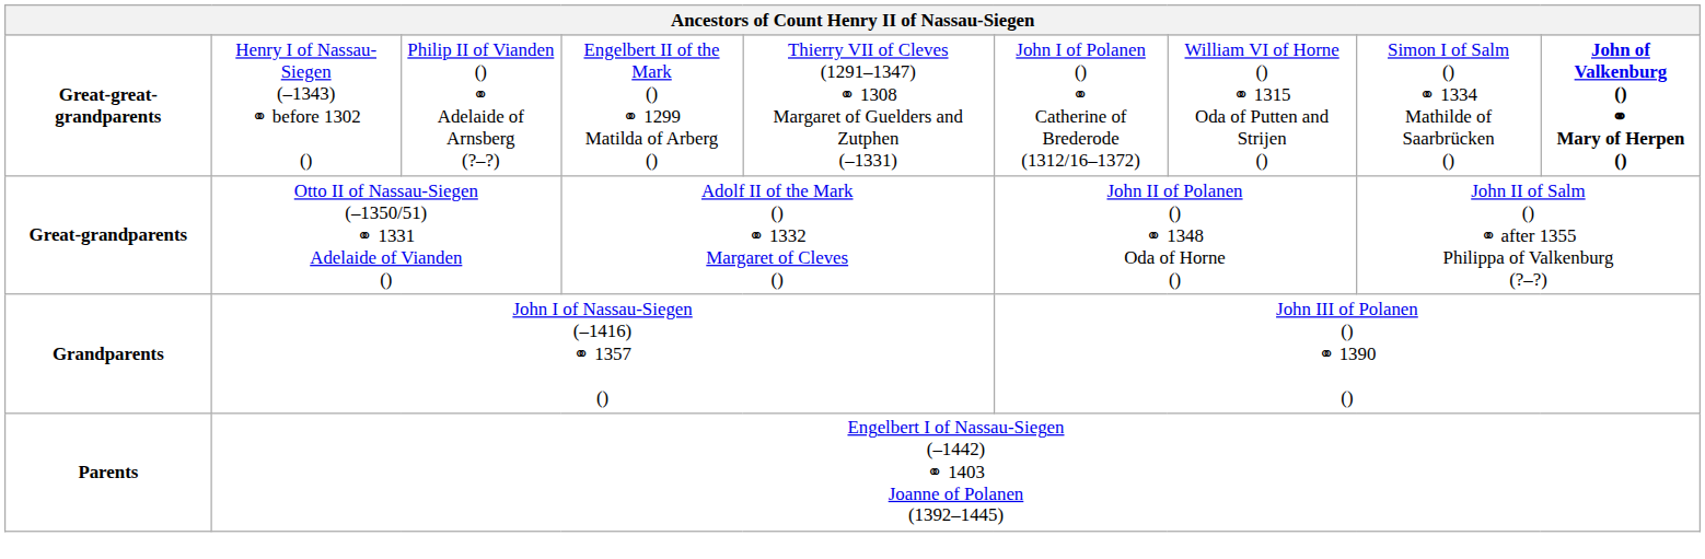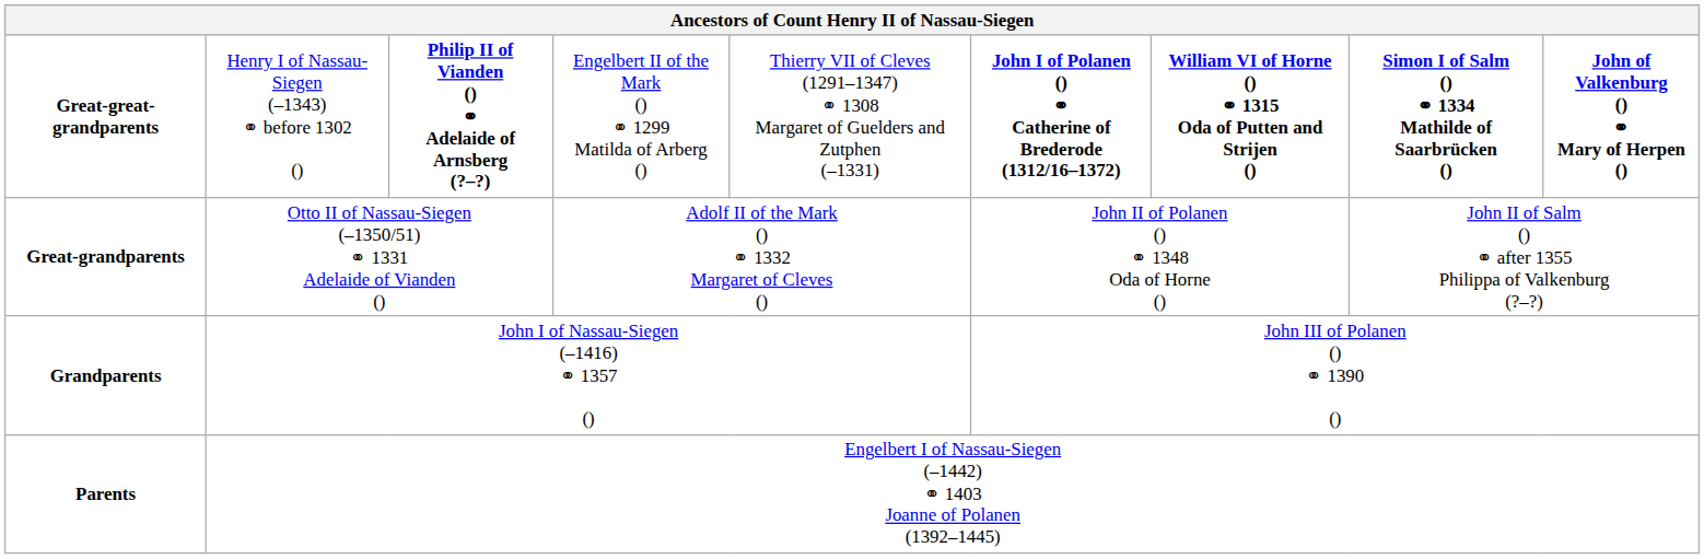 <table class="wikitable" style="background:#FFFFFF; font-size:85%; text-align:center">
 <tr bgcolor="#E0E0E0">
 <th colspan="9">Ancestors of Count Henry II of Nassau-Siegen</th>
 </tr>
 <tr>
 <td><strong>Great-great-grandparents</strong></td>
 <td colspan="1"><a href='#'>Henry I of Nassau-Siegen</a><br>(–1343)<br>⚭ before 1302<br><br>()</td>
-<td colspan="1"><a href='#'>Philip II of Vianden</a><br>()<br>⚭<br>Adelaide of Arnsberg<br>(?–?)</td>
+<td colspan="1"><strong><a href='#'>Philip II of Vianden</a><br>()<br>⚭<br>Adelaide of Arnsberg<br>(?–?)</strong></td>
 <td colspan="1"><a href='#'>Engelbert&nbsp;II of the Mark</a><br>()<br>⚭ 1299<br>Matilda of Arberg<br>()</td>
 <td colspan="1"><a href='#'>Thierry VII of Cleves</a><br>(1291–1347)<br>⚭ 1308<br>Margaret of Guelders and Zutphen<br>(–1331)</td>
-<td colspan="1"><a href='#'>John I of Polanen</a><br>()<br>⚭<br>Catherine of Brederode<br>(1312/16–1372)</td>
-<td colspan="1"><a href='#'>William VI of Horne</a><br>()<br>⚭ 1315<br>Oda of Putten and Strijen<br>()</td>
-<td colspan="1"><a href='#'>Simon I of Salm</a><br>()<br>⚭ 1334<br>Mathilde of Saarbrücken<br>()</td>
+<td colspan="1"><strong><a href='#'>John I of Polanen</a><br>()<br>⚭<br>Catherine of Brederode<br>(1312/16–1372)</strong></td>
+<td colspan="1"><strong><a href='#'>William VI of Horne</a><br>()<br>⚭ 1315<br>Oda of Putten and Strijen<br>()</strong></td>
+<td colspan="1"><strong><a href='#'>Simon I of Salm</a><br>()<br>⚭ 1334<br>Mathilde of Saarbrücken<br>()</strong></td>
 <td colspan="1"><strong><a href='#'>John of Valkenburg</a><br>()<br>⚭<br>Mary of Herpen<br>()</strong></td>
 </tr>
 <tr>
 <td><strong>Great-grandparents</strong></td>
 <td colspan="2"><a href='#'>Otto II of Nassau-Siegen</a><br>(–1350/51)<br>⚭ 1331<br><a href='#'>Adelaide of Vianden</a><br>()</td>
 <td colspan="2"><a href='#'>Adolf II of the Mark</a><br>()<br>⚭ 1332<br><a href='#'>Margaret of Cleves</a><br>()</td>
 <td colspan="2"><a href='#'>John II of Polanen</a><br>()<br>⚭ 1348<br>Oda of Horne<br>()</td>
 <td colspan="2"><a href='#'>John II of Salm</a><br>()<br>⚭ after 1355<br>Philippa of Valkenburg<br>(?–?)</td>
 </tr>
 <tr>
 <td><strong>Grandparents</strong></td>
 <td colspan="4"><a href='#'>John I of Nassau-Siegen</a><br>(–1416)<br>⚭ 1357<br><br>()</td>
 <td colspan="4"><a href='#'>John III of Polanen</a><br>()<br>⚭ 1390<br><br>()</td>
 </tr>
 <tr>
 <td><strong>Parents</strong></td>
 <td colspan="8"><a href='#'>Engelbert I of Nassau-Siegen</a><br>(–1442)<br>⚭ 1403<br><a href='#'>Joanne of Polanen</a><br>(1392–1445)</td>
 </tr>
 </table>
